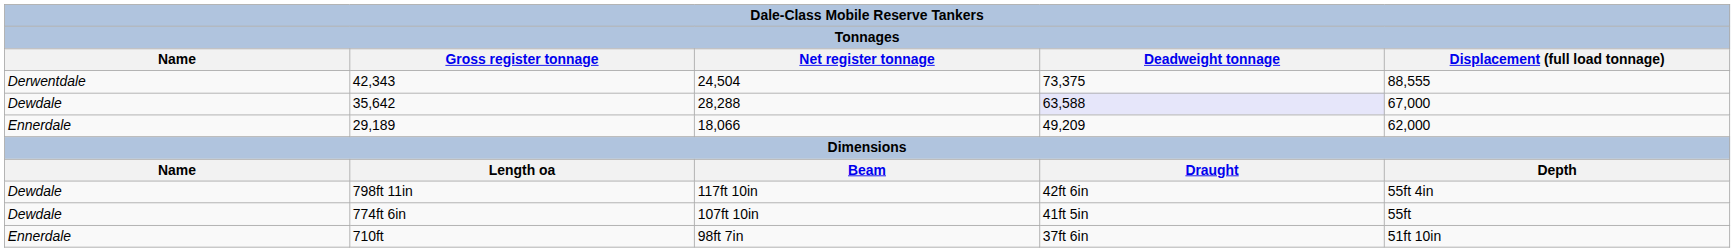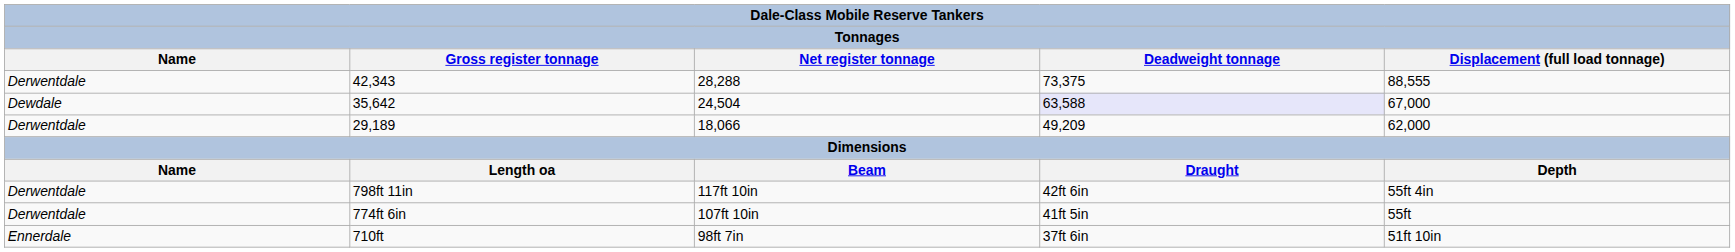 <table class="wikitable" style="margin:auto; width:100%;">
 <tr>
 <th style="align: center; background:#B0C4DE;" colspan="5">Dale-Class Mobile Reserve Tankers</th>
 </tr>
 <tr>
 <th style="align: center; background:#B0C4DE;" colspan="5">Tonnages</th>
 </tr>
 <tr>
 <th style="text-align:center; width:20%;">Name</th>
 <th style="text-align:center; width:20%;"><a href='#'>Gross register tonnage</a></th>
 <th style="text-align:center; width:20%;"><a href='#'>Net register tonnage</a></th>
 <th style="text-align:center; width:20%;"><a href='#'>Deadweight tonnage</a></th>
 <th style="text-align:center; width:20%;"><a href='#'>Displacement</a> (full load tonnage)</th>
 </tr>
 <tr>
 <td><em>Derwentdale</em></td>
 <td>42,343</td>
-<td>24,504</td>
+<td>28,288</td>
 <td>73,375</td>
 <td>88,555</td>
 </tr>
 <tr>
 <td><em>Dewdale</em></td>
 <td>35,642</td>
-<td>28,288</td>
+<td>24,504</td>
 <td style="background: lavender;">63,588</td>
 <td>67,000</td>
 </tr>
 <tr>
-<td><em>Ennerdale</em></td>
+<td><em>Derwentdale</em></td>
 <td>29,189</td>
 <td>18,066</td>
 <td>49,209</td>
 <td>62,000</td>
 </tr>
 <tr>
 <th style="align: center; background:#B0C4DE;" colspan="5">Dimensions</th>
 </tr>
 <tr>
 <th style="text-align:center; width:20%;">Name</th>
 <th style="text-align:center; width:20%;">Length oa</th>
 <th style="text-align:center; width:20%;"><a href='#'>Beam</a></th>
 <th style="text-align:center; width:20%;"><a href='#'>Draught</a></th>
 <th style="text-align:center; width:20%;">Depth</th>
 </tr>
 <tr>
-<td><em>Dewdale</em></td>
+<td><em>Derwentdale</em></td>
 <td>798ft 11in</td>
 <td>117ft 10in</td>
 <td>42ft 6in</td>
 <td>55ft 4in</td>
 </tr>
 <tr>
-<td><em>Dewdale</em></td>
+<td><em>Derwentdale</em></td>
 <td>774ft 6in</td>
 <td>107ft 10in</td>
 <td>41ft 5in</td>
 <td>55ft</td>
 </tr>
 <tr>
 <td><em>Ennerdale</em></td>
 <td>710ft</td>
 <td>98ft 7in</td>
 <td>37ft 6in</td>
 <td>51ft 10in</td>
 </tr>
 </table>
